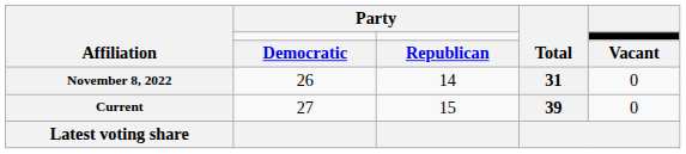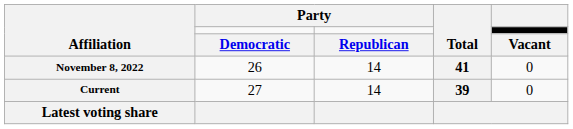 <table class=wikitable style="text-align:center; width:40%">
 <tr style="vertical-align:bottom;">
 <th rowspan=3>Affiliation</th>
 <th colspan=2>Party<br></th>
 <th rowspan=3>Total</th>
 <th></th>
 </tr>
 <tr style="height:5px">
 <td style="background-color:"></td>
 <td style="background-color:"></td>
 <td style="background-color:black"></td>
 </tr>
 <tr>
 <th><a href='#'>Democratic</a></th>
 <th><a href='#'>Republican</a></th>
 <th>Vacant</th>
 </tr>
 <tr>
 <th nowrap style="font-size:80%">November 8, 2022</th>
 <td>26</td>
 <td>14</td>
-<th>31</th>
+<th>41</th>
 <td>0</td>
 </tr>
 <tr>
 <th nowrap style="font-size:80%">Current</th>
 <td>27</td>
-<td>15</td>
+<td>14</td>
 <th>39</th>
 <td>0</td>
 </tr>
 <tr>
 <th>Latest voting share</th>
 <th></th>
 <th></th>
 <th colspan=2></th>
 </tr>
 </table>
